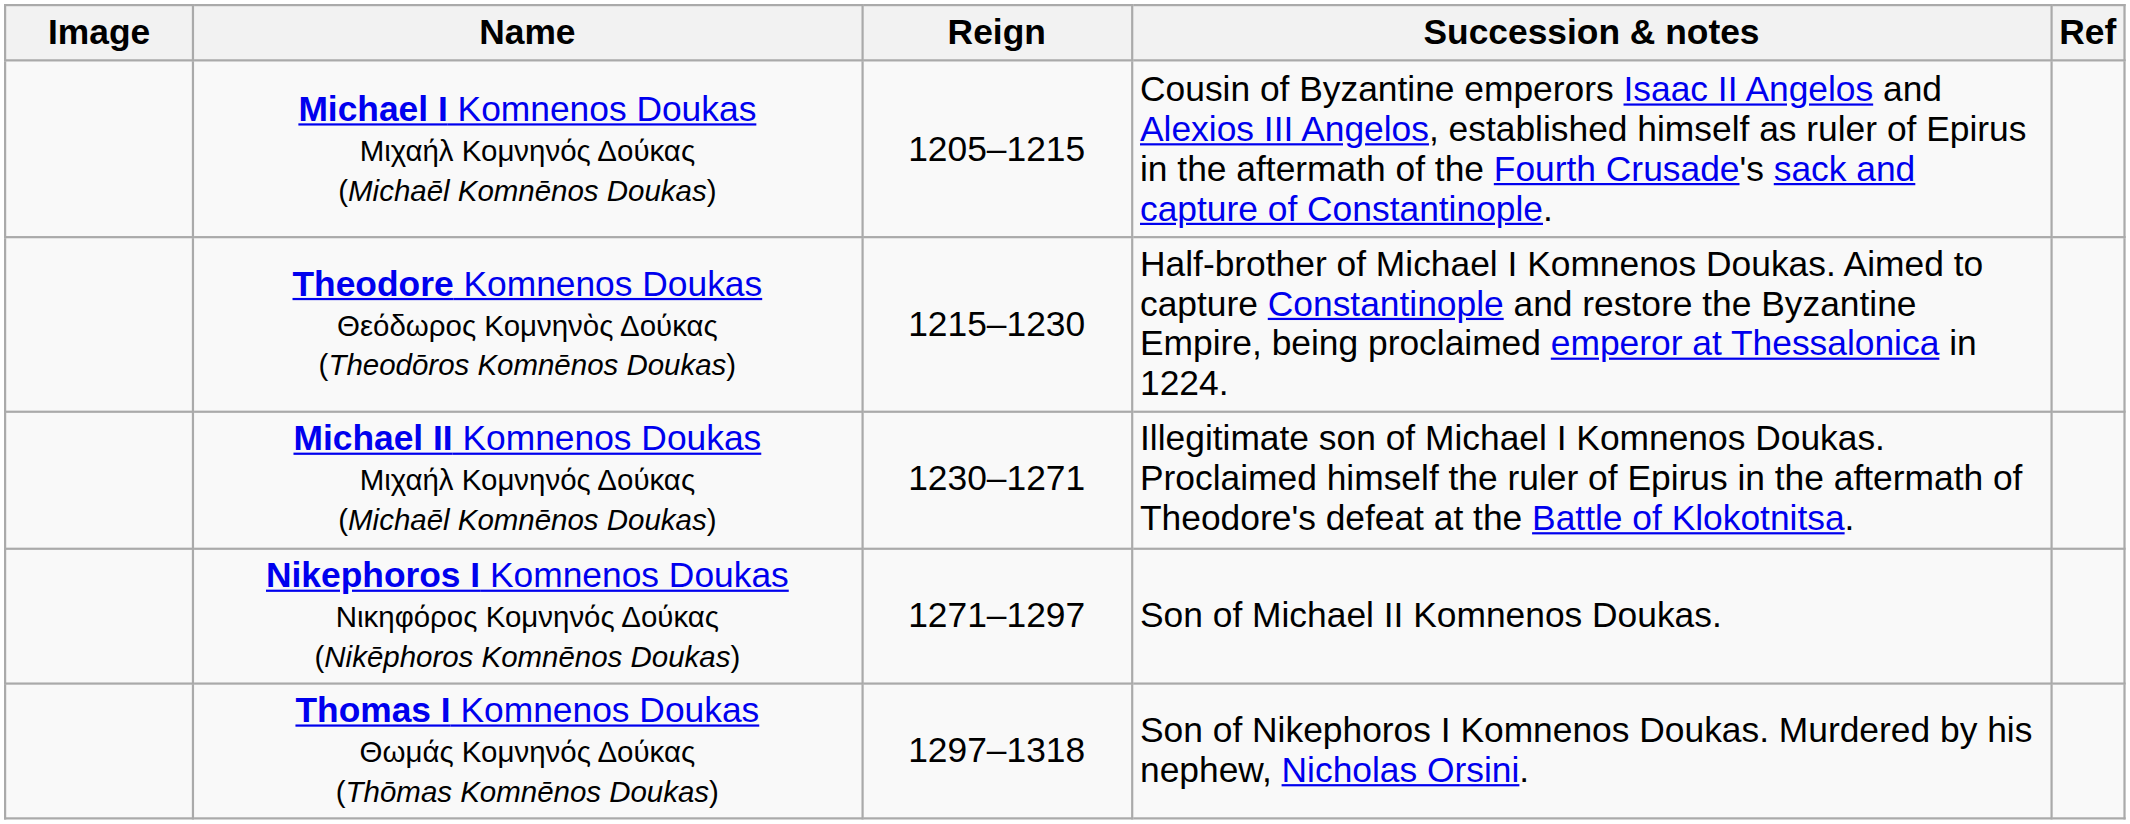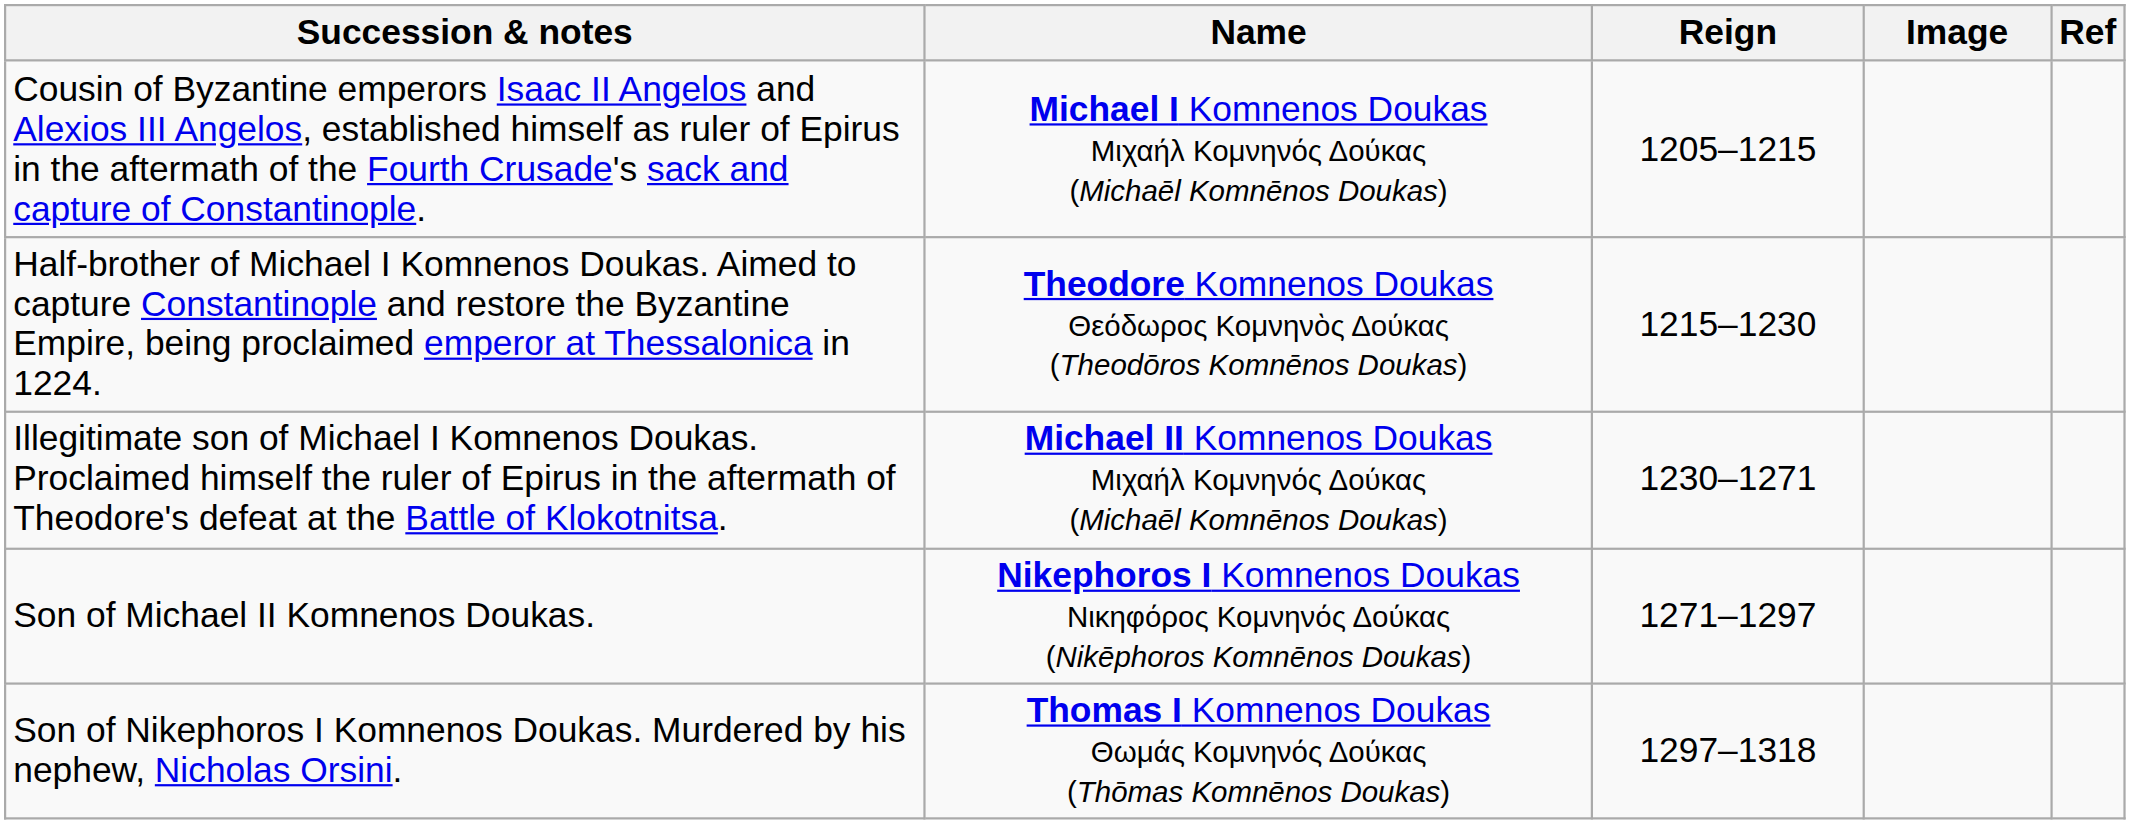 <table class="wikitable" style="width:960px">
 <tr>
-<th width="80px">Image</th>
+<th width="430px">Succession & notes</th>
 <th width="310px">Name</th>
 <th width="120px">Reign</th>
-<th width="430px">Succession & notes</th>
+<th width="80px">Image</th>
 <th width="20px">Ref</th>
 </tr>
 <tr>
-<td></td>
+<td>Cousin of Byzantine emperors <a href='#'>Isaac II Angelos</a> and <a href='#'>Alexios III Angelos</a>, established himself as ruler of Epirus in the aftermath of the <a href='#'>Fourth Crusade</a>'s <a href='#'>sack and capture of Constantinople</a>.</td>
 <td align="center"><a href='#'><strong>Michael I</strong> Komnenos Doukas</a><br><small>Μιχαήλ Κομνηνός Δούκας</small><br><small>(<em>Michaēl Komnēnos Doukas</em>)</small></td>
 <td align="center">1205–1215</td>
-<td>Cousin of Byzantine emperors <a href='#'>Isaac II Angelos</a> and <a href='#'>Alexios III Angelos</a>, established himself as ruler of Epirus in the aftermath of the <a href='#'>Fourth Crusade</a>'s <a href='#'>sack and capture of Constantinople</a>.</td>
+<td></td>
 <td></td>
 </tr>
 <tr>
-<td></td>
+<td>Half-brother of Michael I Komnenos Doukas. Aimed to capture <a href='#'>Constantinople</a> and restore the Byzantine Empire, being proclaimed <a href='#'>emperor at Thessalonica</a> in 1224.</td>
 <td align="center"><a href='#'><strong>Theodore</strong> Komnenos Doukas</a><br><small>Θεόδωρος Κομνηνὸς Δούκας</small><br><small>(<em>Theodōros Komnēnos Doukas</em>)</small></td>
 <td align="center">1215–1230</td>
-<td>Half-brother of Michael I Komnenos Doukas. Aimed to capture <a href='#'>Constantinople</a> and restore the Byzantine Empire, being proclaimed <a href='#'>emperor at Thessalonica</a> in 1224.</td>
+<td></td>
 <td></td>
 </tr>
 <tr>
-<td></td>
+<td>Illegitimate son of Michael I Komnenos Doukas. Proclaimed himself the ruler of Epirus in the aftermath of Theodore's defeat at the <a href='#'>Battle of Klokotnitsa</a>.</td>
 <td align="center"><a href='#'><strong>Michael II</strong> Komnenos Doukas</a><br><small>Μιχαήλ Κομνηνός Δούκας</small><br><small>(<em>Michaēl Komnēnos Doukas</em>)</small></td>
 <td align="center">1230–1271</td>
-<td>Illegitimate son of Michael I Komnenos Doukas. Proclaimed himself the ruler of Epirus in the aftermath of Theodore's defeat at the <a href='#'>Battle of Klokotnitsa</a>.</td>
+<td></td>
 <td></td>
 </tr>
 <tr>
-<td></td>
+<td>Son of Michael II Komnenos Doukas.</td>
 <td align="center"><a href='#'><strong>Nikephoros I</strong> Komnenos Doukas</a><br><small>Νικηφόρος Κομνηνός Δούκας</small><br><small>(<em>Nikēphoros Komnēnos Doukas</em>)</small></td>
 <td align="center">1271–1297</td>
-<td>Son of Michael II Komnenos Doukas.</td>
+<td></td>
 <td></td>
 </tr>
 <tr>
-<td></td>
+<td>Son of Nikephoros I Komnenos Doukas. Murdered by his nephew, <a href='#'>Nicholas Orsini</a>.</td>
 <td align="center"><a href='#'><strong>Thomas I</strong> Komnenos Doukas</a><br><small>Θωμάς Κομνηνός Δούκας</small><br><small>(<em>Thōmas Komnēnos Doukas</em>)</small></td>
 <td align="center">1297–1318</td>
-<td>Son of Nikephoros I Komnenos Doukas. Murdered by his nephew, <a href='#'>Nicholas Orsini</a>.</td>
+<td></td>
 <td></td>
 </tr>
 </table>
